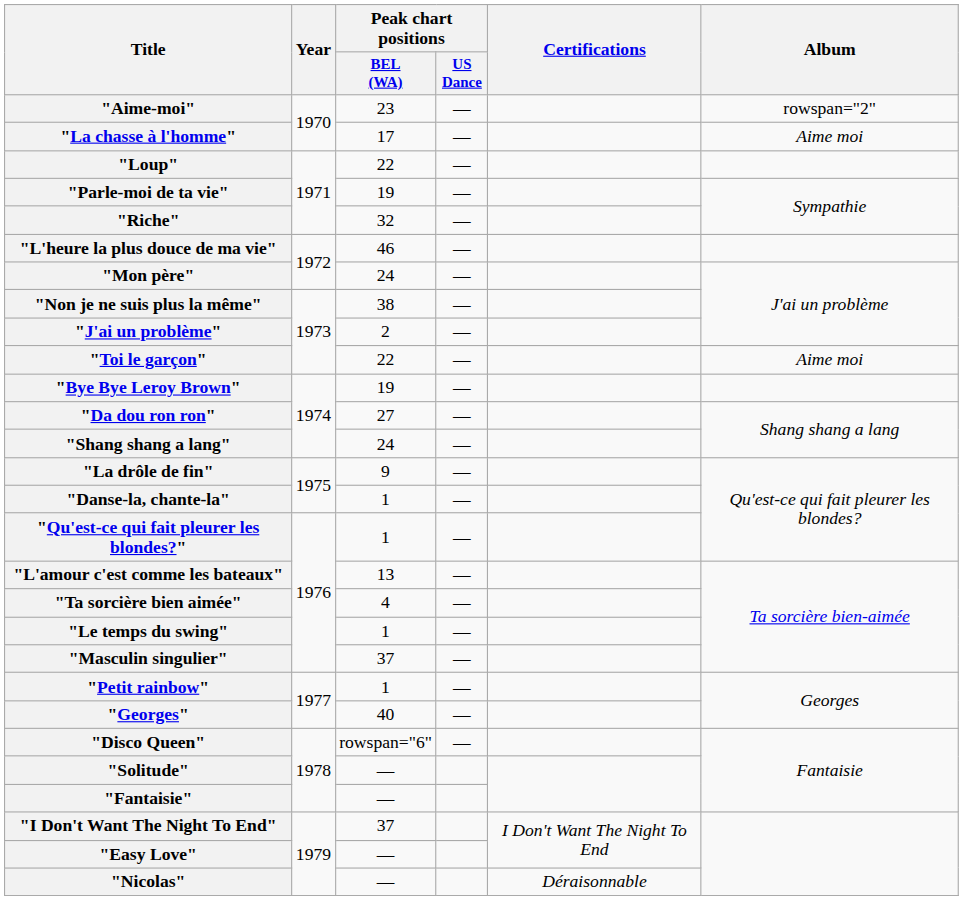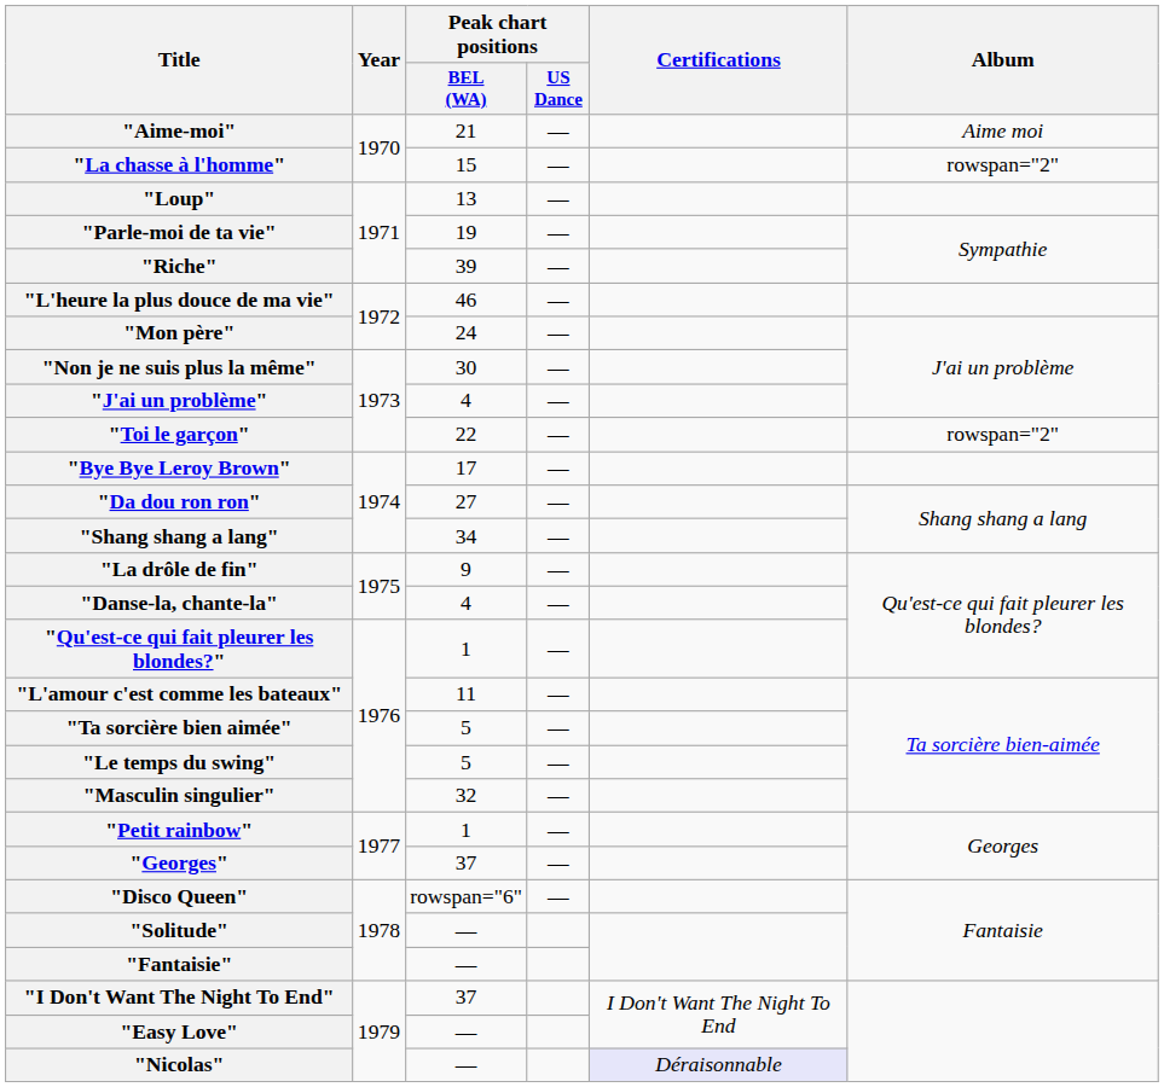 <table class="wikitable plainrowheaders" style="text-align:center;">
 <tr>
 <th rowspan="2">Title</th>
 <th rowspan="2">Year</th>
 <th colspan="2">Peak chart positions</th>
 <th rowspan="2"><a href='#'>Certifications</a></th>
 <th rowspan="2">Album</th>
 </tr>
 <tr>
 <th style="width:3em;font-size:85%"><a href='#'>BEL<br>(WA)</a><br></th>
 <th style="width:3em;font-size:85%"><a href='#'>US<br>Dance</a><br></th>
 </tr>
 <tr>
 <th scope="row">"Aime-moi"</th>
 <td rowspan="2">1970</td>
-<td>23</td>
+<td>21</td>
+<td>—</td>
+<td></td>
+<td><em>Aime moi</em></td>
+</tr>
+<tr>
+<th scope="row">"<a href='#'>La chasse à l'homme</a>"</th>
+<td>15</td>
 <td>—</td>
 <td></td>
 <td>rowspan="2" </td>
 </tr>
 <tr>
-<th scope="row">"<a href='#'>La chasse à l'homme</a>"</th>
-<td>17</td>
-<td>—</td>
-<td></td>
-<td><em>Aime moi</em></td>
-</tr>
-<tr>
 <th scope="row">"Loup"</th>
 <td rowspan="3">1971</td>
-<td>22</td>
+<td>13</td>
 <td>—</td>
 <td></td>
 </tr>
 <tr>
 <th scope="row">"Parle-moi de ta vie"</th>
 <td>19</td>
 <td>—</td>
 <td></td>
 <td rowspan="2"><em>Sympathie</em></td>
 </tr>
 <tr>
 <th scope="row">"Riche"</th>
-<td>32</td>
+<td>39</td>
 <td>—</td>
 <td></td>
 </tr>
 <tr>
 <th scope="row">"L'heure la plus douce de ma vie"</th>
 <td rowspan="2">1972</td>
 <td>46</td>
 <td>—</td>
 <td></td>
 <td></td>
 </tr>
 <tr>
 <th scope="row">"Mon père"</th>
 <td>24</td>
 <td>—</td>
 <td></td>
 <td rowspan="3"><em>J'ai un problème</em></td>
 </tr>
 <tr>
 <th scope="row">"Non je ne suis plus la même"</th>
 <td rowspan="3">1973</td>
-<td>38</td>
+<td>30</td>
 <td>—</td>
 <td></td>
 </tr>
 <tr>
 <th scope="row">"<a href='#'>J'ai un problème</a>" </th>
-<td>2</td>
+<td>4</td>
 <td>—</td>
 <td></td>
 </tr>
 <tr>
 <th scope="row">"<a href='#'>Toi le garçon</a>"</th>
 <td>22</td>
 <td>—</td>
 <td></td>
-<td><em>Aime moi</em></td>
+<td>rowspan="2" </td>
 </tr>
 <tr>
 <th scope="row">"<a href='#'>Bye Bye Leroy Brown</a>"</th>
 <td rowspan="3">1974</td>
-<td>19</td>
+<td>17</td>
 <td>—</td>
 <td></td>
 </tr>
 <tr>
 <th scope="row">"<a href='#'>Da dou ron ron</a>"</th>
 <td>27</td>
 <td>—</td>
 <td></td>
 <td rowspan="2"><em>Shang shang a lang</em></td>
 </tr>
 <tr>
 <th scope="row">"Shang shang a lang"</th>
-<td>24</td>
+<td>34</td>
 <td>—</td>
 <td></td>
 </tr>
 <tr>
 <th scope="row">"La drôle de fin"</th>
 <td rowspan="2">1975</td>
 <td>9</td>
 <td>—</td>
 <td></td>
 <td rowspan="3"><em>Qu'est-ce qui fait pleurer les blondes?</em></td>
 </tr>
 <tr>
 <th scope="row">"Danse-la, chante-la"</th>
-<td>1</td>
+<td>4</td>
 <td>—</td>
 <td></td>
 </tr>
 <tr>
 <th scope="row">"<a href='#'>Qu'est-ce qui fait pleurer les blondes?</a>"</th>
 <td rowspan="5">1976</td>
 <td>1</td>
 <td>—</td>
 <td></td>
 </tr>
 <tr>
 <th scope="row">"L'amour c'est comme les bateaux"</th>
-<td>13</td>
+<td>11</td>
 <td>—</td>
 <td></td>
 <td rowspan="4"><em><a href='#'>Ta sorcière bien-aimée</a></em></td>
 </tr>
 <tr>
 <th scope="row">"Ta sorcière bien aimée"</th>
-<td>4</td>
+<td>5</td>
 <td>—</td>
 <td></td>
 </tr>
 <tr>
 <th scope="row">"Le temps du swing"</th>
-<td>1</td>
+<td>5</td>
 <td>—</td>
 <td></td>
 </tr>
 <tr>
 <th scope="row">"Masculin singulier"</th>
-<td>37</td>
+<td>32</td>
 <td>—</td>
 <td></td>
 </tr>
 <tr>
 <th scope="row">"<a href='#'>Petit rainbow</a>"</th>
 <td rowspan="2">1977</td>
 <td>1</td>
 <td>—</td>
 <td></td>
 <td rowspan="2"><em>Georges</em></td>
 </tr>
 <tr>
 <th scope="row">"<a href='#'>Georges</a>"</th>
-<td>40</td>
+<td>37</td>
 <td>—</td>
 <td></td>
 </tr>
 <tr>
 <th scope="row">"Disco Queen"</th>
 <td rowspan="3">1978</td>
 <td>rowspan="6" </td>
 <td>—</td>
 <td></td>
 <td rowspan="3"><em>Fantaisie</em></td>
 </tr>
 <tr>
 <th scope="row">"Solitude"</th>
 <td>—</td>
 <td></td>
 </tr>
 <tr>
 <th scope="row">"Fantaisie"</th>
 <td>—</td>
 <td></td>
 </tr>
 <tr>
 <th scope="row">"I Don't Want The Night To End"</th>
 <td rowspan="3">1979</td>
 <td>37</td>
 <td></td>
 <td rowspan="2"><em>I Don't Want The Night To End</em></td>
 </tr>
 <tr>
 <th scope="row">"Easy Love"</th>
 <td>—</td>
 <td></td>
 </tr>
 <tr>
 <th scope="row">"Nicolas"</th>
 <td>—</td>
 <td></td>
-<td><em>Déraisonnable</em></td>
+<td style="background: lavender;"><em>Déraisonnable</em></td>
 </tr>
 <tr>
 </tr>
 </table>
